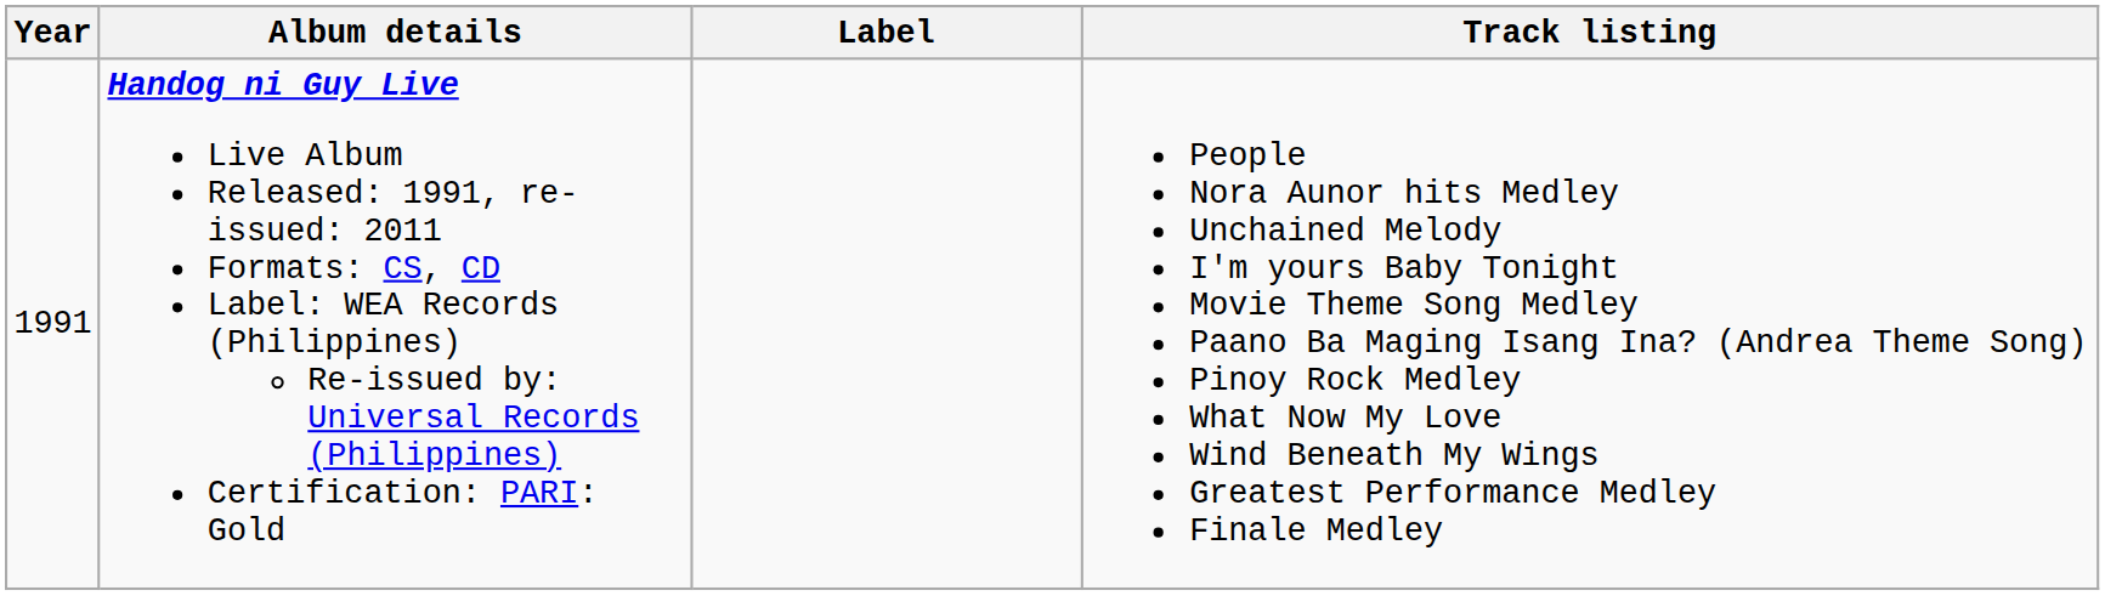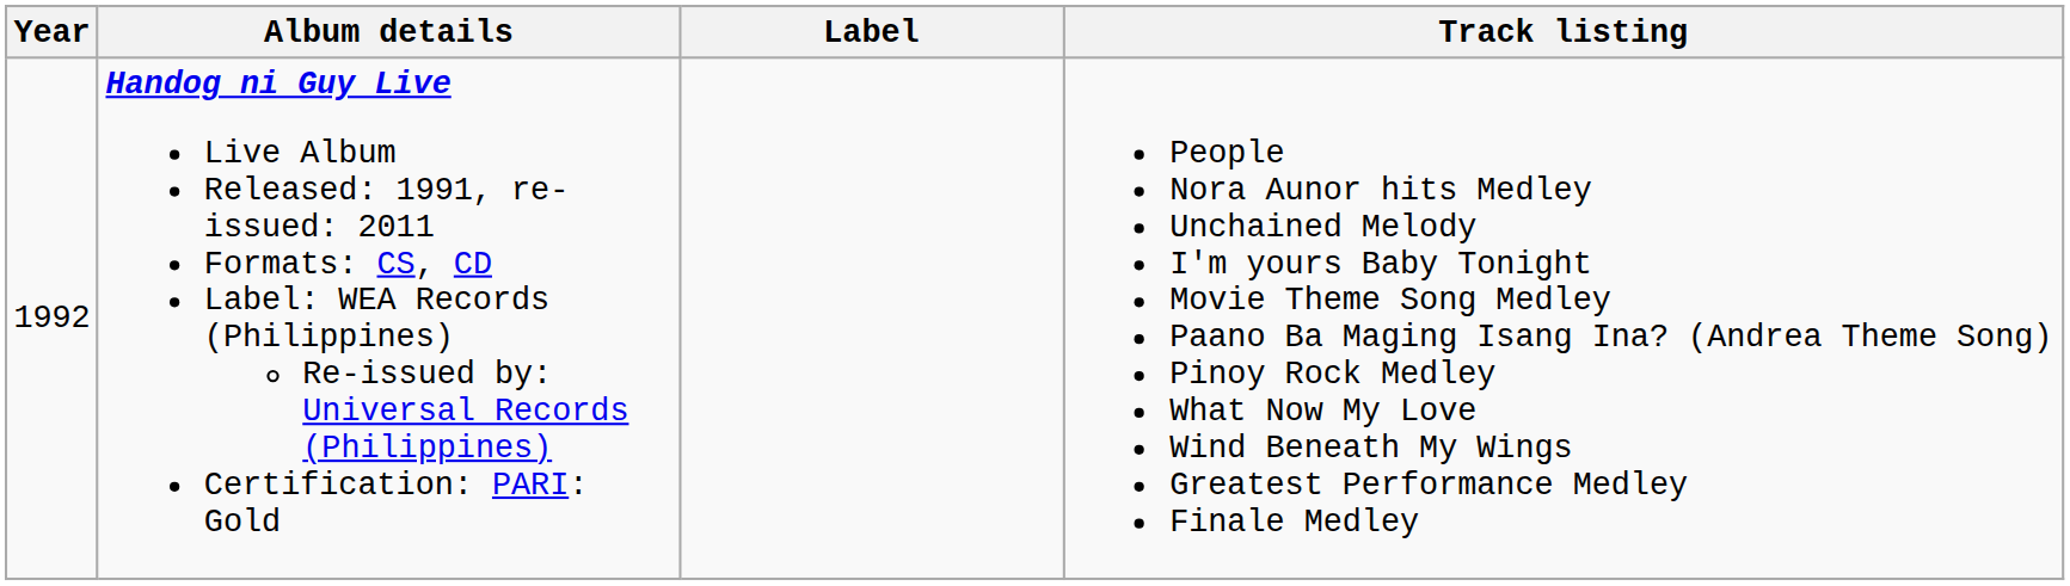 <table class="wikitable">
 <tr>
 <th>Year</th>
 <th width=230>Album details</th>
 <th width=150>Label</th>
 <th width=400>Track listing</th>
 </tr>
 <tr>
-<td>1991</td>
+<td>1992</td>
 <td><strong><em><a href='#'>Handog ni Guy Live</a></em></strong><br><ul><li>Live Album</li><li>Released: 1991, re-issued: 2011</li><li>Formats: <a href='#'>CS</a>,  <a href='#'>CD</a></li><li>Label: WEA Records (Philippines)<ul><li>Re-issued by: <a href='#'>Universal Records (Philippines)</a></li></ul></li><li>Certification:  <a href='#'>PARI</a>:  Gold</li></ul></td>
 <td></td>
 <td><br><ul><li>People</li><li>Nora Aunor hits Medley</li><li>Unchained Melody</li><li>I'm yours Baby Tonight</li><li>Movie Theme Song Medley</li><li>Paano Ba Maging Isang Ina? (Andrea Theme Song)</li><li>Pinoy Rock Medley</li><li>What Now My Love</li><li>Wind Beneath My Wings</li><li>Greatest Performance Medley</li><li>Finale Medley</li></ul></td>
 </tr>
 </table>
